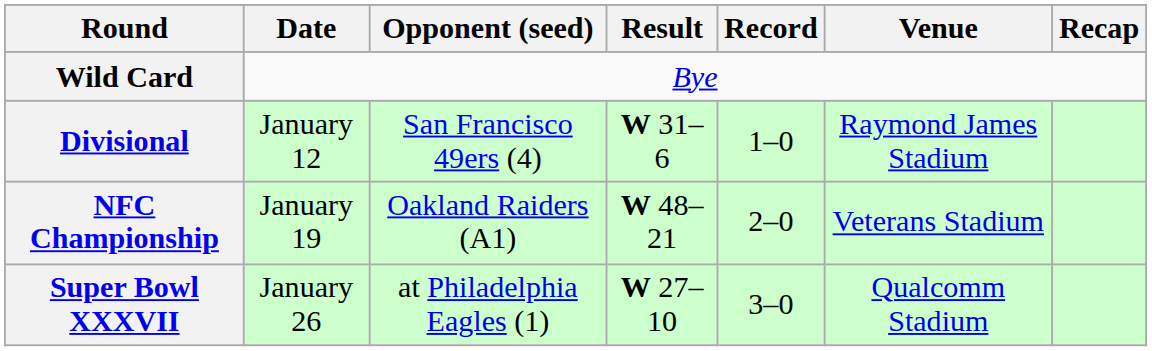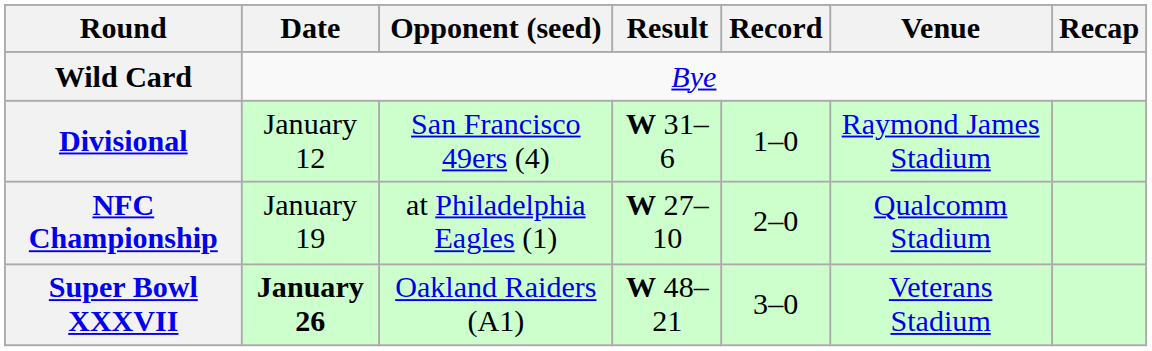 <table class="wikitable" style="text-align:center">
 <tr>
 <th>Round</th>
 <th>Date</th>
 <th>Opponent (seed)</th>
 <th>Result</th>
 <th>Record</th>
 <th>Venue</th>
 <th>Recap</th>
 </tr>
 <tr>
 <th>Wild Card</th>
 <td colspan="8"><em><a href='#'>Bye</a></em></td>
 </tr>
 <tr style="background:#cfc">
 <th><a href='#'>Divisional</a></th>
 <td>January 12</td>
 <td><a href='#'>San Francisco 49ers</a> (4)</td>
 <td><strong>W</strong> 31–6</td>
 <td>1–0</td>
 <td><a href='#'>Raymond James Stadium</a></td>
 <td></td>
 </tr>
 <tr style="background:#cfc">
 <th><a href='#'>NFC Championship</a></th>
 <td>January 19</td>
-<td><a href='#'>Oakland Raiders</a> (A1)</td>
-<td><strong>W</strong> 48–21</td>
+<td>at <a href='#'>Philadelphia Eagles</a> (1)</td>
+<td><strong>W</strong> 27–10</td>
 <td>2–0</td>
-<td><a href='#'>Veterans Stadium</a></td>
+<td><a href='#'>Qualcomm Stadium</a></td>
 <td></td>
 </tr>
 <tr style="background:#cfc">
 <th><a href='#'>Super Bowl XXXVII</a></th>
-<td>January 26</td>
-<td>at <a href='#'>Philadelphia Eagles</a> (1)</td>
-<td><strong>W</strong> 27–10</td>
+<td><strong>January 26</strong></td>
+<td><a href='#'>Oakland Raiders</a> (A1)</td>
+<td><strong>W</strong> 48–21</td>
 <td>3–0</td>
-<td><a href='#'>Qualcomm Stadium</a></td>
+<td><a href='#'>Veterans Stadium</a></td>
 <td></td>
 </tr>
 </table>
